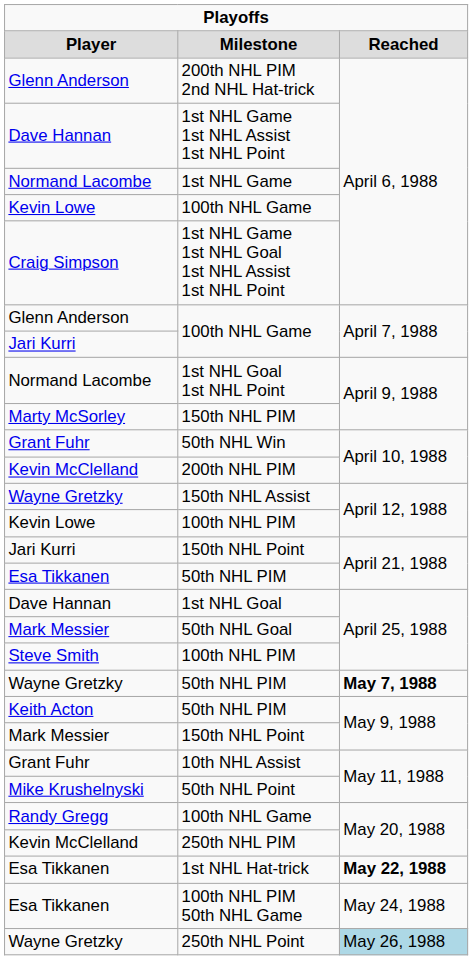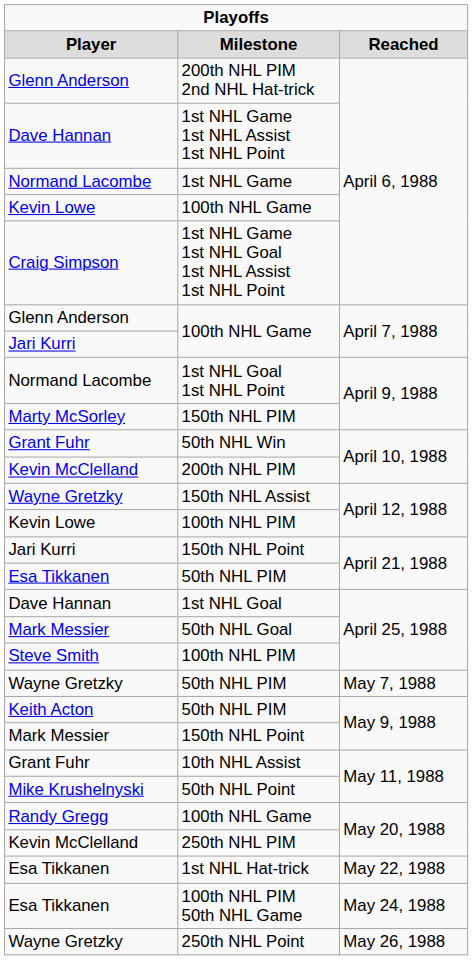 <table class="wikitable" style="width:50%;">
 <tr>
 <td colspan="10" style="text-align:center;"><strong>Playoffs</strong></td>
 </tr>
 <tr style="text-align:center; background:#ddd;">
 <td><strong>Player</strong></td>
 <td><strong>Milestone</strong></td>
 <td><strong>Reached</strong></td>
 </tr>
 <tr>
 <td><a href='#'>Glenn Anderson</a></td>
 <td>200th NHL PIM<br>2nd NHL Hat-trick</td>
 <td rowspan="5">April 6, 1988</td>
 </tr>
 <tr>
 <td><a href='#'>Dave Hannan</a></td>
 <td>1st NHL Game<br>1st NHL Assist<br>1st NHL Point</td>
 </tr>
 <tr>
 <td><a href='#'>Normand Lacombe</a></td>
 <td>1st NHL Game</td>
 </tr>
 <tr>
 <td><a href='#'>Kevin Lowe</a></td>
 <td>100th NHL Game</td>
 </tr>
 <tr>
 <td><a href='#'>Craig Simpson</a></td>
 <td>1st NHL Game<br>1st NHL Goal<br>1st NHL Assist<br>1st NHL Point</td>
 </tr>
 <tr>
 <td>Glenn Anderson</td>
 <td rowspan="2">100th NHL Game</td>
 <td rowspan="2">April 7, 1988</td>
 </tr>
 <tr>
 <td><a href='#'>Jari Kurri</a></td>
 </tr>
 <tr>
 <td>Normand Lacombe</td>
 <td>1st NHL Goal<br>1st NHL Point</td>
 <td rowspan="2">April 9, 1988</td>
 </tr>
 <tr>
 <td><a href='#'>Marty McSorley</a></td>
 <td>150th NHL PIM</td>
 </tr>
 <tr>
 <td><a href='#'>Grant Fuhr</a></td>
 <td>50th NHL Win</td>
 <td rowspan="2">April 10, 1988</td>
 </tr>
 <tr>
 <td><a href='#'>Kevin McClelland</a></td>
 <td>200th NHL PIM</td>
 </tr>
 <tr>
 <td><a href='#'>Wayne Gretzky</a></td>
 <td>150th NHL Assist</td>
 <td rowspan="2">April 12, 1988</td>
 </tr>
 <tr>
 <td>Kevin Lowe</td>
 <td>100th NHL PIM</td>
 </tr>
 <tr>
 <td>Jari Kurri</td>
 <td>150th NHL Point</td>
 <td rowspan="2">April 21, 1988</td>
 </tr>
 <tr>
 <td><a href='#'>Esa Tikkanen</a></td>
 <td>50th NHL PIM</td>
 </tr>
 <tr>
 <td>Dave Hannan</td>
 <td>1st NHL Goal</td>
 <td rowspan="3">April 25, 1988</td>
 </tr>
 <tr>
 <td><a href='#'>Mark Messier</a></td>
 <td>50th NHL Goal</td>
 </tr>
 <tr>
 <td><a href='#'>Steve Smith</a></td>
 <td>100th NHL PIM</td>
 </tr>
 <tr>
 <td>Wayne Gretzky</td>
 <td>50th NHL PIM</td>
-<td><strong>May 7, 1988</strong></td>
+<td>May 7, 1988</td>
 </tr>
 <tr>
 <td><a href='#'>Keith Acton</a></td>
 <td>50th NHL PIM</td>
 <td rowspan="2">May 9, 1988</td>
 </tr>
 <tr>
 <td>Mark Messier</td>
 <td>150th NHL Point</td>
 </tr>
 <tr>
 <td>Grant Fuhr</td>
 <td>10th NHL Assist</td>
 <td rowspan="2">May 11, 1988</td>
 </tr>
 <tr>
 <td><a href='#'>Mike Krushelnyski</a></td>
 <td>50th NHL Point</td>
 </tr>
 <tr>
 <td><a href='#'>Randy Gregg</a></td>
 <td>100th NHL Game</td>
 <td rowspan="2">May 20, 1988</td>
 </tr>
 <tr>
 <td>Kevin McClelland</td>
 <td>250th NHL PIM</td>
 </tr>
 <tr>
 <td>Esa Tikkanen</td>
 <td>1st NHL Hat-trick</td>
-<td><strong>May 22, 1988</strong></td>
+<td>May 22, 1988</td>
 </tr>
 <tr>
 <td>Esa Tikkanen</td>
 <td>100th NHL PIM<br>50th NHL Game</td>
 <td>May 24, 1988</td>
 </tr>
 <tr>
 <td>Wayne Gretzky</td>
 <td>250th NHL Point</td>
-<td style="background: lightblue;">May 26, 1988</td>
+<td>May 26, 1988</td>
 </tr>
 </table>
